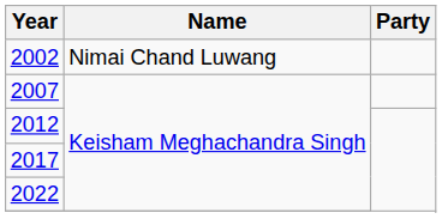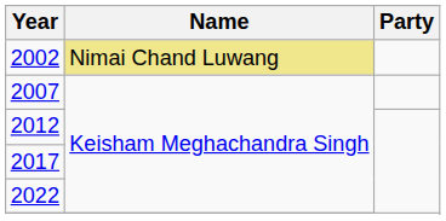 <table class="wikitable sortable">
 <tr>
 <th>Year</th>
 <th>Name</th>
 <th colspan=2>Party</th>
 </tr>
 <tr>
 <td><a href='#'>2002</a></td>
-<td>Nimai Chand Luwang</td>
+<td style="background: khaki;">Nimai Chand Luwang</td>
 <td></td>
 </tr>
 <tr>
 <td><a href='#'>2007</a></td>
 <td rowspan="4"><a href='#'>Keisham Meghachandra Singh</a></td>
 <td></td>
 </tr>
 <tr>
 <td><a href='#'>2012</a></td>
 </tr>
 <tr>
 <td><a href='#'>2017</a></td>
 </tr>
 <tr>
 <td><a href='#'>2022</a></td>
 </tr>
 <tr>
 </tr>
 </table>
